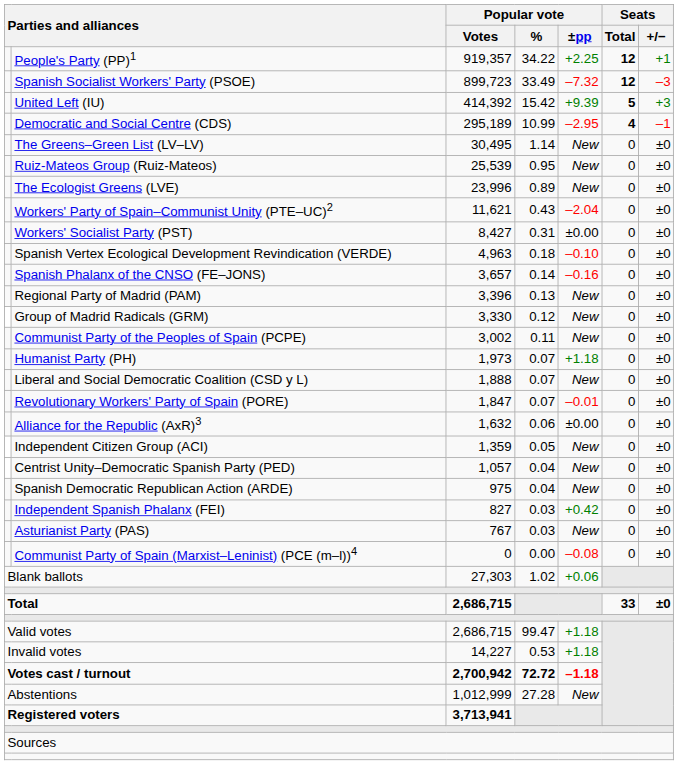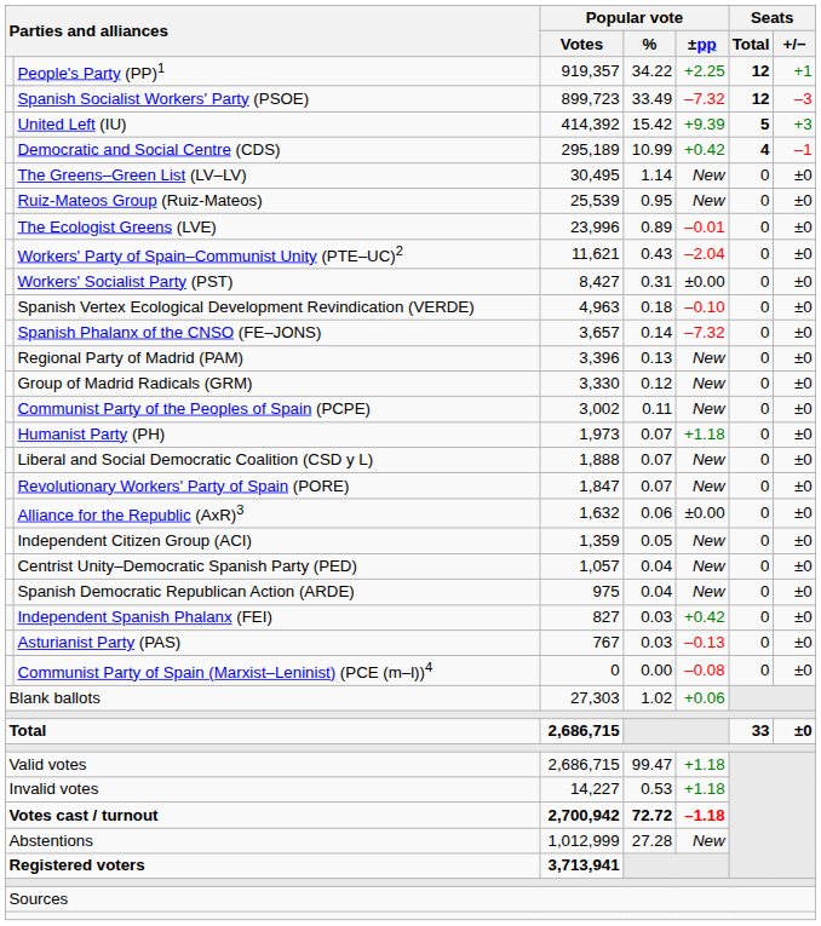 <table class="wikitable" style="text-align:right;">
 <tr>
 <th style="text-align:left;" rowspan="2" colspan="2" width="525">Parties and alliances</th>
 <th colspan="3">Popular vote</th>
 <th colspan="2">Seats</th>
 </tr>
 <tr>
 <th width="75">Votes</th>
 <th width="45">%</th>
 <th width="45">±<a href='#'>pp</a></th>
 <th width="35">Total</th>
 <th width="35">+/−</th>
 </tr>
 <tr>
 <td width="1" style="color:inherit;background:"></td>
 <td align="left"><a href='#'>People's Party</a> (PP)<sup>1</sup></td>
 <td>919,357</td>
 <td>34.22</td>
 <td style="color:green;">+2.25</td>
 <td><strong>12</strong></td>
 <td style="color:green;">+1</td>
 </tr>
 <tr>
 <td style="color:inherit;background:"></td>
 <td align="left"><a href='#'>Spanish Socialist Workers' Party</a> (PSOE)</td>
 <td>899,723</td>
 <td>33.49</td>
 <td style="color:red;">–7.32</td>
 <td><strong>12</strong></td>
 <td style="color:red;">–3</td>
 </tr>
 <tr>
 <td style="color:inherit;background:"></td>
 <td align="left"><a href='#'>United Left</a> (IU)</td>
 <td>414,392</td>
 <td>15.42</td>
 <td style="color:green;">+9.39</td>
 <td><strong>5</strong></td>
 <td style="color:green;">+3</td>
 </tr>
 <tr>
 <td style="color:inherit;background:"></td>
 <td align="left"><a href='#'>Democratic and Social Centre</a> (CDS)</td>
 <td>295,189</td>
 <td>10.99</td>
-<td style="color:red;">–2.95</td>
+<td style="color:green;">+0.42</td>
 <td><strong>4</strong></td>
 <td style="color:red;">–1</td>
 </tr>
 <tr>
 <td style="color:inherit;background:"></td>
 <td align="left"><a href='#'>The Greens–Green List</a> (LV–LV)</td>
 <td>30,495</td>
 <td>1.14</td>
 <td><em>New</em></td>
 <td>0</td>
 <td>±0</td>
 </tr>
 <tr>
 <td style="color:inherit;background:"></td>
 <td align="left"><a href='#'>Ruiz-Mateos Group</a> (Ruiz-Mateos)</td>
 <td>25,539</td>
 <td>0.95</td>
 <td><em>New</em></td>
 <td>0</td>
 <td>±0</td>
 </tr>
 <tr>
 <td style="color:inherit;background:"></td>
 <td align="left"><a href='#'>The Ecologist Greens</a> (LVE)</td>
 <td>23,996</td>
 <td>0.89</td>
-<td><em>New</em></td>
+<td style="color:red;">–0.01</td>
 <td>0</td>
 <td>±0</td>
 </tr>
 <tr>
 <td style="color:inherit;background:"></td>
 <td align="left"><a href='#'>Workers' Party of Spain–Communist Unity</a> (PTE–UC)<sup>2</sup></td>
 <td>11,621</td>
 <td>0.43</td>
 <td style="color:red;">–2.04</td>
 <td>0</td>
 <td>±0</td>
 </tr>
 <tr>
 <td style="color:inherit;background:"></td>
 <td align="left"><a href='#'>Workers' Socialist Party</a> (PST)</td>
 <td>8,427</td>
 <td>0.31</td>
 <td>±0.00</td>
 <td>0</td>
 <td>±0</td>
 </tr>
 <tr>
 <td style="color:inherit;background:"></td>
 <td align="left">Spanish Vertex Ecological Development Revindication (VERDE)</td>
 <td>4,963</td>
 <td>0.18</td>
 <td style="color:red;">–0.10</td>
 <td>0</td>
 <td>±0</td>
 </tr>
 <tr>
 <td style="color:inherit;background:"></td>
 <td align="left"><a href='#'>Spanish Phalanx of the CNSO</a> (FE–JONS)</td>
 <td>3,657</td>
 <td>0.14</td>
-<td style="color:red;">–0.16</td>
+<td style="color:red;">–7.32</td>
 <td>0</td>
 <td>±0</td>
 </tr>
 <tr>
 <td style="color:inherit;background:"></td>
 <td align="left">Regional Party of Madrid (PAM)</td>
 <td>3,396</td>
 <td>0.13</td>
 <td><em>New</em></td>
 <td>0</td>
 <td>±0</td>
 </tr>
 <tr>
 <td bgcolor="white"></td>
 <td align="left">Group of Madrid Radicals (GRM)</td>
 <td>3,330</td>
 <td>0.12</td>
 <td><em>New</em></td>
 <td>0</td>
 <td>±0</td>
 </tr>
 <tr>
 <td style="color:inherit;background:"></td>
 <td align="left"><a href='#'>Communist Party of the Peoples of Spain</a> (PCPE)</td>
 <td>3,002</td>
 <td>0.11</td>
 <td><em>New</em></td>
 <td>0</td>
 <td>±0</td>
 </tr>
 <tr>
 <td style="color:inherit;background:"></td>
 <td align="left"><a href='#'>Humanist Party</a> (PH)</td>
 <td>1,973</td>
 <td>0.07</td>
 <td style="color:green;">+1.18</td>
 <td>0</td>
 <td>±0</td>
 </tr>
 <tr>
 <td style="color:inherit;background:"></td>
 <td align="left">Liberal and Social Democratic Coalition (CSD y L)</td>
 <td>1,888</td>
 <td>0.07</td>
 <td><em>New</em></td>
 <td>0</td>
 <td>±0</td>
 </tr>
 <tr>
 <td style="color:inherit;background:"></td>
 <td align="left"><a href='#'>Revolutionary Workers' Party of Spain</a> (PORE)</td>
 <td>1,847</td>
 <td>0.07</td>
-<td style="color:red;">–0.01</td>
+<td><em>New</em></td>
 <td>0</td>
 <td>±0</td>
 </tr>
 <tr>
 <td style="color:inherit;background:"></td>
 <td align="left"><a href='#'>Alliance for the Republic</a> (AxR)<sup>3</sup></td>
 <td>1,632</td>
 <td>0.06</td>
 <td>±0.00</td>
 <td>0</td>
 <td>±0</td>
 </tr>
 <tr>
 <td bgcolor="white"></td>
 <td align="left">Independent Citizen Group (ACI)</td>
 <td>1,359</td>
 <td>0.05</td>
 <td><em>New</em></td>
 <td>0</td>
 <td>±0</td>
 </tr>
 <tr>
 <td bgcolor="white"></td>
 <td align="left">Centrist Unity–Democratic Spanish Party (PED)</td>
 <td>1,057</td>
 <td>0.04</td>
 <td><em>New</em></td>
 <td>0</td>
 <td>±0</td>
 </tr>
 <tr>
 <td style="color:inherit;background:"></td>
 <td align="left">Spanish Democratic Republican Action (ARDE)</td>
 <td>975</td>
 <td>0.04</td>
 <td><em>New</em></td>
 <td>0</td>
 <td>±0</td>
 </tr>
 <tr>
 <td style="color:inherit;background:"></td>
 <td align="left"><a href='#'>Independent Spanish Phalanx</a> (FEI)</td>
 <td>827</td>
 <td>0.03</td>
 <td style="color:green;">+0.42</td>
 <td>0</td>
 <td>±0</td>
 </tr>
 <tr>
 <td style="color:inherit;background:"></td>
 <td align="left"><a href='#'>Asturianist Party</a> (PAS)</td>
 <td>767</td>
 <td>0.03</td>
-<td><em>New</em></td>
+<td style="color:red;">–0.13</td>
 <td>0</td>
 <td>±0</td>
 </tr>
 <tr>
 <td style="color:inherit;background:"></td>
 <td align="left"><a href='#'>Communist Party of Spain (Marxist–Leninist)</a> (PCE (m–l))<sup>4</sup></td>
 <td>0</td>
 <td>0.00</td>
 <td style="color:red;">–0.08</td>
 <td>0</td>
 <td>±0</td>
 </tr>
 <tr>
 <td align="left" colspan="2">Blank ballots</td>
 <td>27,303</td>
 <td>1.02</td>
 <td style="color:green;">+0.06</td>
 <td bgcolor="#E9E9E9" colspan="2"></td>
 </tr>
 <tr>
 <td colspan="7" bgcolor="#E9E9E9"></td>
 </tr>
 <tr style="font-weight:bold;">
 <td align="left" colspan="2">Total</td>
 <td>2,686,715</td>
 <td bgcolor="#E9E9E9" colspan="2"></td>
 <td>33</td>
 <td>±0</td>
 </tr>
 <tr>
 <td colspan="7" bgcolor="#E9E9E9"></td>
 </tr>
 <tr>
 <td align="left" colspan="2">Valid votes</td>
 <td>2,686,715</td>
 <td>99.47</td>
 <td style="color:green;">+1.18</td>
 <td bgcolor="#E9E9E9" colspan="2" rowspan="5"></td>
 </tr>
 <tr>
 <td align="left" colspan="2">Invalid votes</td>
 <td>14,227</td>
 <td>0.53</td>
 <td style="color:green;">+1.18</td>
 </tr>
 <tr style="font-weight:bold;">
 <td align="left" colspan="2">Votes cast / turnout</td>
 <td>2,700,942</td>
 <td>72.72</td>
 <td style="color:red;">–1.18</td>
 </tr>
 <tr>
 <td align="left" colspan="2">Abstentions</td>
 <td>1,012,999</td>
 <td>27.28</td>
 <td><em>New</em></td>
 </tr>
 <tr style="font-weight:bold;">
 <td align="left" colspan="2">Registered voters</td>
 <td>3,713,941</td>
 <td bgcolor="#E9E9E9" colspan="2"></td>
 </tr>
 <tr>
 <td colspan="7" bgcolor="#E9E9E9"></td>
 </tr>
 <tr>
 <td align="left" colspan="7">Sources</td>
 </tr>
 <tr>
 <td colspan="7" style="text-align:left; max-width:790px;"></td>
 </tr>
 </table>
